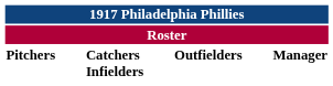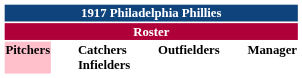 <table class="toccolours" style="font-size: 95%;">
 <tr>
 <th colspan="10" style="background-color: #0f437c; color: white; text-align: center;">1917 Philadelphia Phillies</th>
 </tr>
 <tr>
 <td colspan="10" style="background-color: #af0039; color: white; text-align: center;"><strong>Roster</strong></td>
 </tr>
 <tr>
-<td valign="top"><strong>Pitchers</strong><br>      </td>
+<td valign="top" style="background: pink;"><strong>Pitchers</strong><br>      </td>
 <td width="25px"></td>
 <td valign="top"><strong>Catchers</strong><br>   <strong>Infielders</strong>         </td>
 <td width="25px"></td>
 <td valign="top"><strong>Outfielders</strong><br>    </td>
 <td width="25px"></td>
 <td valign="top"><strong>Manager</strong><br></td>
 </tr>
 </table>
